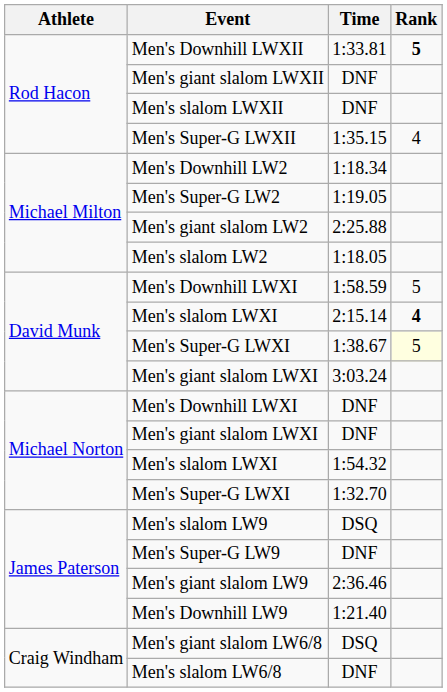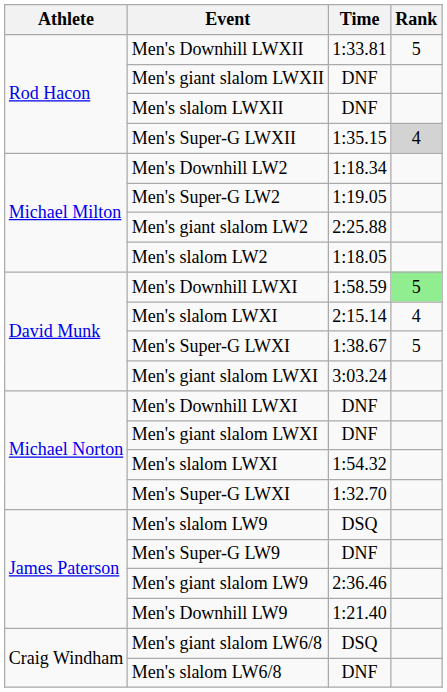 <table class="wikitable" style="font-size:90%">
 <tr>
 <th>Athlete</th>
 <th>Event</th>
 <th>Time</th>
 <th>Rank</th>
 </tr>
 <tr align=center>
 <td rowspan=4 align=left><a href='#'>Rod Hacon</a></td>
 <td align=left>Men's Downhill LWXII</td>
 <td>1:33.81</td>
-<td><strong>5</strong></td>
+<td>5</td>
 </tr>
 <tr align=center>
 <td align=left>Men's giant slalom LWXII</td>
 <td>DNF</td>
 <td></td>
 </tr>
 <tr align=center>
 <td align=left>Men's slalom LWXII</td>
 <td>DNF</td>
 <td></td>
 </tr>
 <tr align=center>
 <td align=left>Men's Super-G LWXII</td>
 <td>1:35.15</td>
-<td>4</td>
+<td style="background: lightgrey;">4</td>
 </tr>
 <tr align=center>
 <td rowspan=4 align=left><a href='#'>Michael Milton</a></td>
 <td align=left>Men's Downhill LW2</td>
 <td>1:18.34</td>
 <td></td>
 </tr>
 <tr align=center>
 <td align=left>Men's Super-G LW2</td>
 <td>1:19.05</td>
 <td></td>
 </tr>
 <tr align=center>
 <td align=left>Men's giant slalom LW2</td>
 <td>2:25.88</td>
 <td></td>
 </tr>
 <tr align=center>
 <td align=left>Men's slalom LW2</td>
 <td>1:18.05</td>
 <td></td>
 </tr>
 <tr align=center>
 <td rowspan=4 align=left><a href='#'>David Munk</a></td>
 <td align=left>Men's Downhill LWXI</td>
 <td>1:58.59</td>
-<td>5</td>
+<td style="background: lightgreen;">5</td>
 </tr>
 <tr align=center>
 <td align=left>Men's slalom LWXI</td>
 <td>2:15.14</td>
-<td><strong>4</strong></td>
+<td>4</td>
 </tr>
 <tr align=center>
 <td align=left>Men's Super-G LWXI</td>
 <td>1:38.67</td>
-<td style="background: lightyellow;">5</td>
+<td>5</td>
 </tr>
 <tr align=center>
 <td align=left>Men's giant slalom LWXI</td>
 <td>3:03.24</td>
 <td></td>
 </tr>
 <tr align=center>
 <td rowspan=4 align=left><a href='#'>Michael Norton</a></td>
 <td align=left>Men's Downhill LWXI</td>
 <td>DNF</td>
 <td></td>
 </tr>
 <tr align=center>
 <td align=left>Men's giant slalom LWXI</td>
 <td>DNF</td>
 <td></td>
 </tr>
 <tr align=center>
 <td align=left>Men's slalom LWXI</td>
 <td>1:54.32</td>
 <td></td>
 </tr>
 <tr align=center>
 <td align=left>Men's Super-G LWXI</td>
 <td>1:32.70</td>
 <td></td>
 </tr>
 <tr align=center>
 <td rowspan=4 align=left><a href='#'>James Paterson</a></td>
 <td align=left>Men's slalom LW9</td>
 <td>DSQ</td>
 <td></td>
 </tr>
 <tr align=center>
 <td align=left>Men's Super-G LW9</td>
 <td>DNF</td>
 <td></td>
 </tr>
 <tr align=center>
 <td align=left>Men's giant slalom LW9</td>
 <td>2:36.46</td>
 <td></td>
 </tr>
 <tr align=center>
 <td align=left>Men's Downhill LW9</td>
 <td>1:21.40</td>
 <td></td>
 </tr>
 <tr align=center>
 <td rowspan=2 align=left>Craig Windham</td>
 <td align=left>Men's giant slalom LW6/8</td>
 <td>DSQ</td>
 <td></td>
 </tr>
 <tr align=center>
 <td align=left>Men's slalom LW6/8</td>
 <td>DNF</td>
 <td></td>
 </tr>
 </table>
